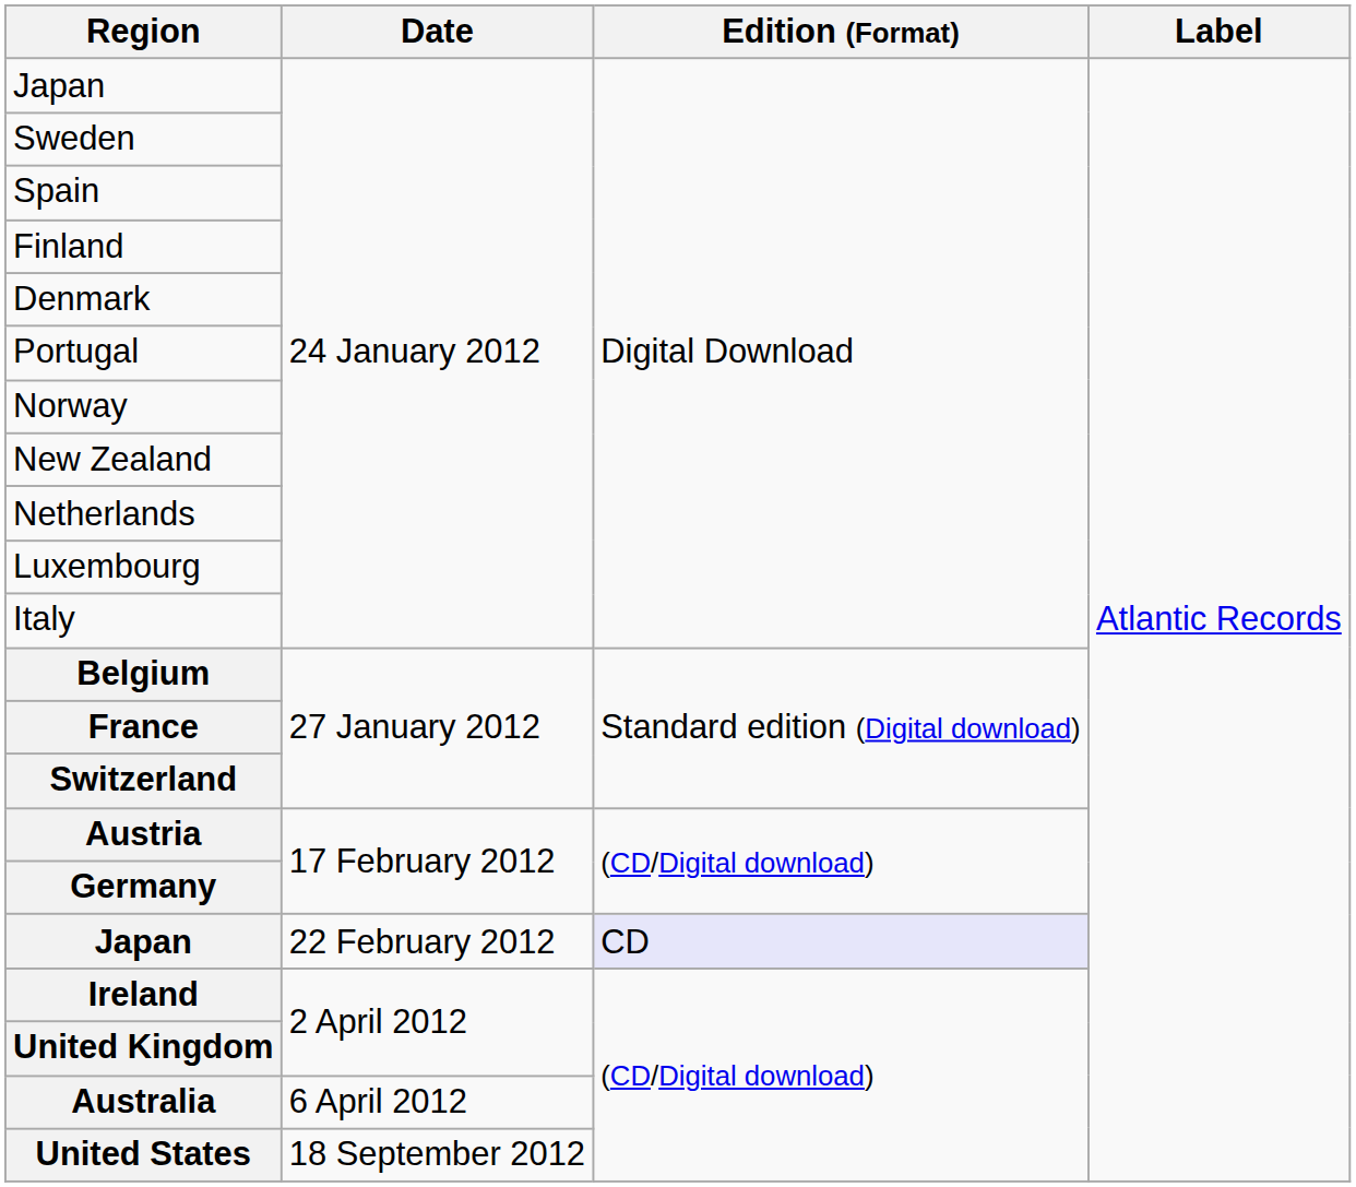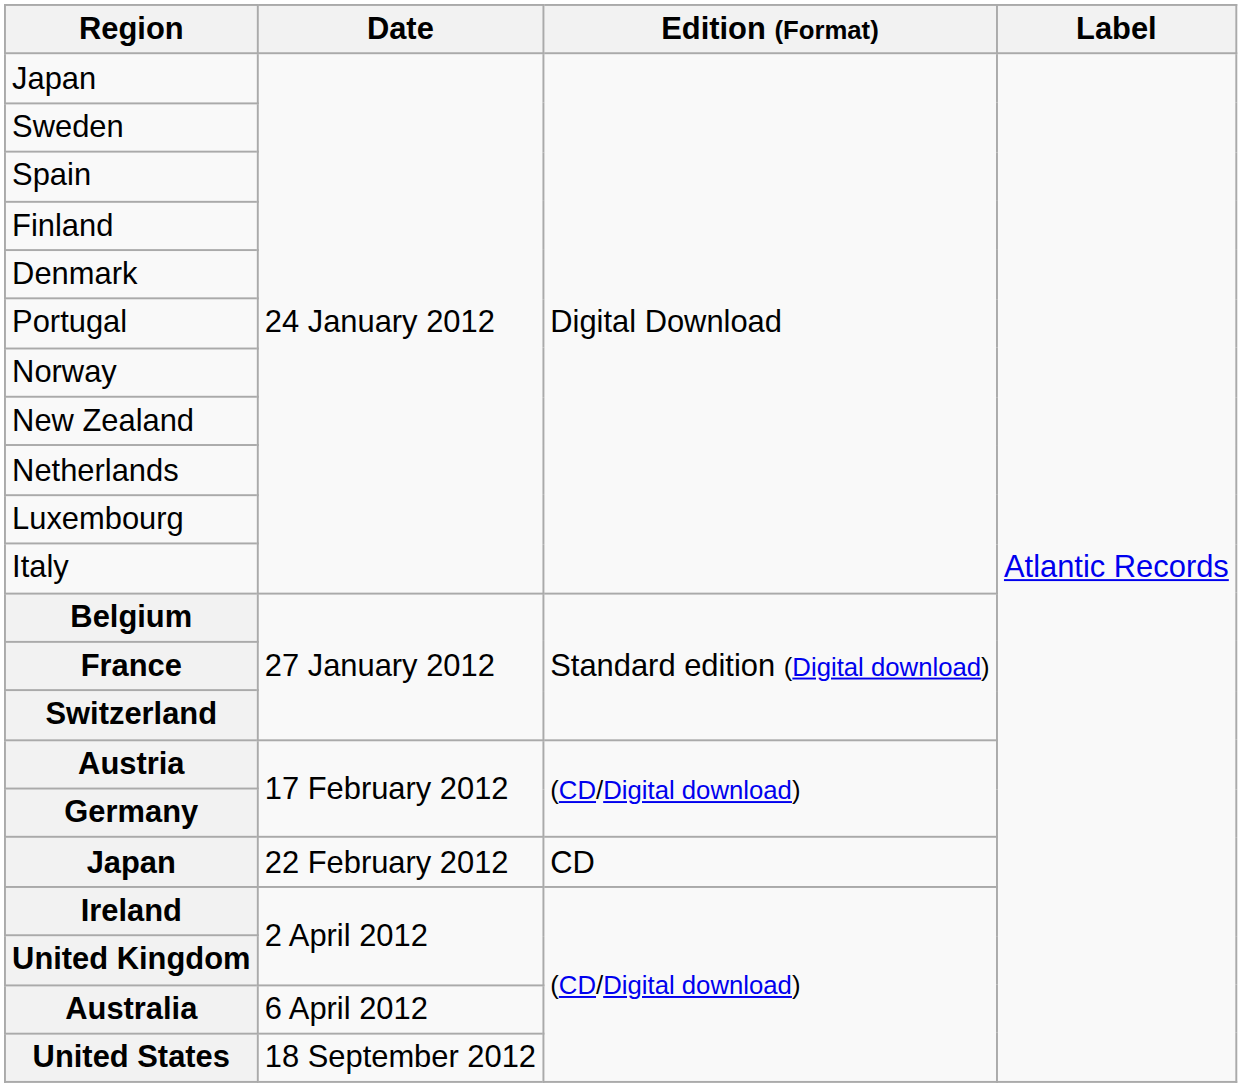 <table class="wikitable plainrowheaders">
 <tr>
 <th scope="col">Region</th>
 <th scope="col">Date</th>
 <th scope="col">Edition <small>(Format)</small></th>
 <th scope="col">Label</th>
 </tr>
 <tr>
 <td>Japan</td>
 <td rowspan="11">24 January 2012</td>
 <td rowspan="11">Digital Download</td>
 <td rowspan="22"><a href='#'>Atlantic Records</a></td>
 </tr>
 <tr>
 <td>Sweden</td>
 </tr>
 <tr>
 <td>Spain</td>
 </tr>
 <tr>
 <td>Finland</td>
 </tr>
 <tr>
 <td>Denmark</td>
 </tr>
 <tr>
 <td>Portugal</td>
 </tr>
 <tr>
 <td>Norway</td>
 </tr>
 <tr>
 <td>New Zealand</td>
 </tr>
 <tr>
 <td>Netherlands</td>
 </tr>
 <tr>
 <td>Luxembourg</td>
 </tr>
 <tr>
 <td>Italy</td>
 </tr>
 <tr>
 <th scope="row">Belgium</th>
 <td rowspan="3">27 January 2012</td>
 <td rowspan="3">Standard edition <small>(<a href='#'>Digital download</a>)</small></td>
 </tr>
 <tr>
 <th scope="row">France</th>
 </tr>
 <tr>
 <th scope="row">Switzerland</th>
 </tr>
 <tr>
 <th scope="row">Austria</th>
 <td rowspan="2">17 February 2012</td>
 <td rowspan="2"><small>(<a href='#'>CD</a>/<a href='#'>Digital download</a>)</small></td>
 </tr>
 <tr>
 <th scope="row">Germany</th>
 </tr>
 <tr>
 <th scope="row">Japan</th>
 <td>22 February 2012</td>
-<td style="background: lavender;">CD</td>
+<td>CD</td>
 </tr>
 <tr>
 <th scope="row">Ireland</th>
 <td rowspan="2">2 April 2012</td>
 <td rowspan="4"><small>(<a href='#'>CD</a>/<a href='#'>Digital download</a>)</small></td>
 </tr>
 <tr>
 <th scope="row">United Kingdom</th>
 </tr>
 <tr>
 <th scope="row">Australia</th>
 <td>6 April 2012</td>
 </tr>
 <tr>
 <th scope="row">United States</th>
 <td>18 September 2012</td>
 </tr>
 </table>
